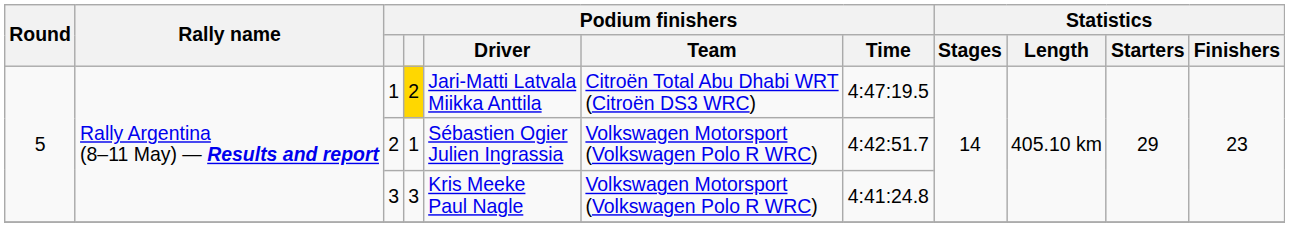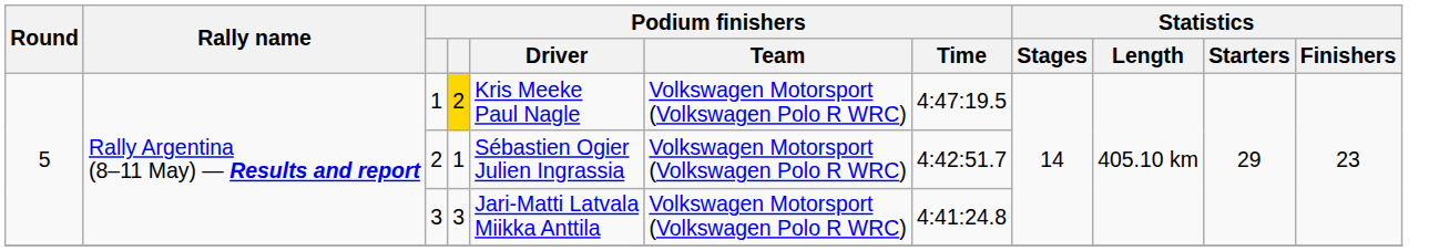 <table class="wikitable" width=90% style="font-size:85%;">
 <tr>
 <th rowspan=2>Round</th>
 <th style="width:22em" rowspan=2>Rally name</th>
 <th colspan=5>Podium finishers</th>
 <th colspan=4>Statistics</th>
 </tr>
 <tr>
 <th></th>
 <th></th>
 <th>Driver</th>
 <th>Team</th>
 <th>Time</th>
 <th>Stages</th>
 <th>Length</th>
 <th>Starters</th>
 <th>Finishers</th>
 </tr>
 <tr>
 <td rowspan=3 align=center>5</td>
 <td rowspan=3 nowrap> <a href='#'>Rally Argentina</a><br>(8–11 May) — <strong><em><a href='#'>Results and report</a></em></strong></td>
 <td align=center>1</td>
 <td align=center style="background: gold;">2</td>
-<td nowrap> <a href='#'>Jari-Matti Latvala</a><br> <a href='#'>Miikka Anttila</a></td>
-<td nowrap> <a href='#'>Citroën Total Abu Dhabi WRT</a><br> (<a href='#'>Citroën DS3 WRC</a>)</td>
+<td nowrap> <a href='#'>Kris Meeke</a><br> <a href='#'>Paul Nagle</a></td>
+<td nowrap> <a href='#'>Volkswagen Motorsport</a><br> (<a href='#'>Volkswagen Polo R WRC</a>)</td>
 <td align=center>4:47:19.5</td>
 <td rowspan=3 align=center>14</td>
 <td rowspan=3 align=center>405.10 km</td>
 <td rowspan=3 align=center>29</td>
 <td rowspan=3 align=center>23</td>
 </tr>
 <tr>
 <td align=center>2</td>
 <td align=center>1</td>
 <td nowrap> <a href='#'>Sébastien Ogier</a><br> <a href='#'>Julien Ingrassia</a></td>
 <td nowrap> <a href='#'>Volkswagen Motorsport</a><br> (<a href='#'>Volkswagen Polo R WRC</a>)</td>
 <td align=center>4:42:51.7</td>
 </tr>
 <tr>
 <td align=center>3</td>
 <td align=center>3</td>
-<td nowrap> <a href='#'>Kris Meeke</a><br> <a href='#'>Paul Nagle</a></td>
+<td nowrap> <a href='#'>Jari-Matti Latvala</a><br> <a href='#'>Miikka Anttila</a></td>
 <td nowrap> <a href='#'>Volkswagen Motorsport</a><br> (<a href='#'>Volkswagen Polo R WRC</a>)</td>
 <td align=center>4:41:24.8</td>
 </tr>
 <tr>
 </tr>
 </table>
